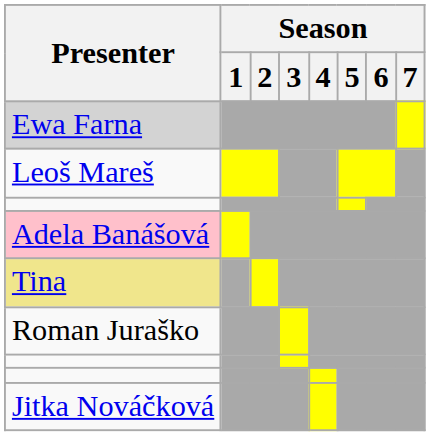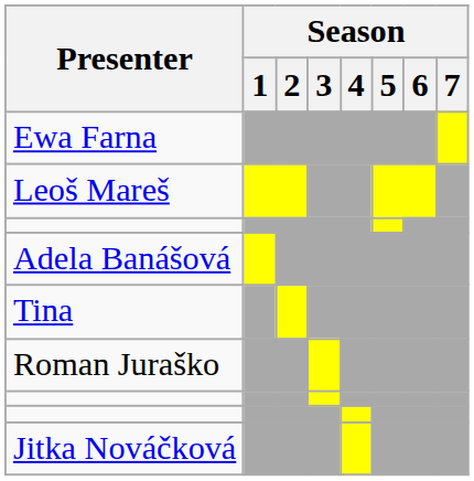 <table class="wikitable">
 <tr>
 <th rowspan="2">Presenter</th>
 <th colspan="7">Season</th>
 </tr>
 <tr>
 <th>1</th>
 <th>2</th>
 <th>3</th>
 <th>4</th>
 <th>5</th>
 <th>6</th>
 <th>7</th>
 </tr>
 <tr>
-<td style="background: lightgrey;"><a href='#'>Ewa Farna</a></td>
+<td><a href='#'>Ewa Farna</a></td>
 <td colspan="6" bgcolor="darkgray"></td>
 <td style="text-align:center; background:yellow;"></td>
 </tr>
 <tr>
 <td><a href='#'>Leoš Mareš</a></td>
 <td colspan="2" style="text-align:center; background:yellow;"></td>
 <td bgcolor="darkgray" colspan="2"></td>
 <td colspan="2" style="text-align:center; background:yellow;"></td>
 <td bgcolor="darkgray" colspan="1"></td>
 </tr>
 <tr>
 <td></td>
 <td bgcolor="darkgray" colspan="4"></td>
 <td colspan="1" style="text-align:center; background:yellow;"></td>
 <td colspan="2" bgcolor="darkgray"></td>
 </tr>
 <tr>
-<td style="background: pink;"><a href='#'>Adela Banášová</a></td>
+<td><a href='#'>Adela Banášová</a></td>
 <td colspan="1" style="text-align:center; background:yellow;"></td>
 <td bgcolor="darkgray" colspan="6"></td>
 </tr>
 <tr>
-<td style="background: khaki;"><a href='#'>Tina</a></td>
+<td><a href='#'>Tina</a></td>
 <td bgcolor="darkgray" colspan="1"></td>
 <td colspan="1" style="text-align:center; background:yellow;"></td>
 <td bgcolor="darkgray" colspan="5"></td>
 </tr>
 <tr>
 <td>Roman Juraško</td>
 <td bgcolor="darkgray" colspan="2"></td>
 <td colspan="1" style="text-align:center; background:yellow;"></td>
 <td bgcolor="darkgray" colspan="4"></td>
 </tr>
 <tr>
 <td></td>
 <td bgcolor="darkgray" colspan="2"></td>
 <td colspan="1" style="text-align:center; background:yellow;"></td>
 <td bgcolor="darkgray" colspan="4"></td>
 </tr>
 <tr>
 <td></td>
 <td bgcolor="darkgray" colspan="3"></td>
 <td colspan="1" style="text-align:center; background:yellow;"></td>
 <td bgcolor="darkgray" colspan="3"></td>
 </tr>
 <tr>
 <td><a href='#'>Jitka Nováčková</a></td>
 <td bgcolor="darkgray" colspan="3"></td>
 <td colspan="1" style="text-align:center; background:yellow;"></td>
 <td bgcolor="darkgray" colspan="3"></td>
 </tr>
 </table>
